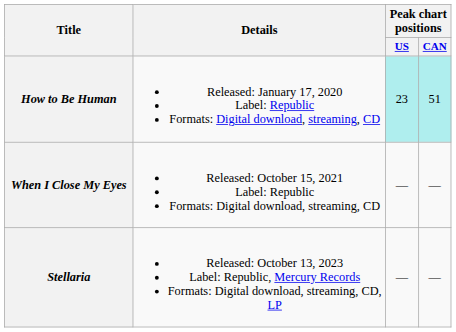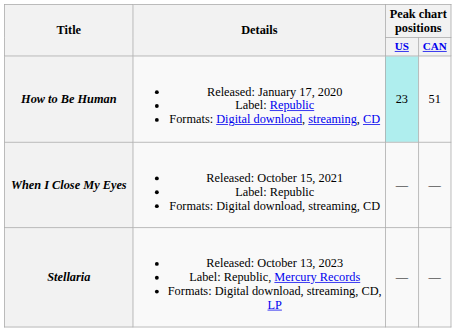 <table class="wikitable plainrowheaders" style="text-align:center">
 <tr>
 <th scope="col" rowspan="2" style="width:10em">Title</th>
 <th scope="col" rowspan="2" style="width:20em">Details</th>
 <th scope="col" colspan="2">Peak chart positions</th>
 </tr>
 <tr>
 <th scope="col" style="width:2.5em; font-size:90%;"><a href='#'>US</a><br></th>
 <th scope="col" style="width:2.5em; font-size:90%;"><a href='#'>CAN</a><br></th>
 </tr>
 <tr>
 <th scope="row"><em>How to Be Human</em></th>
 <td><br><ul><li>Released: January 17, 2020</li><li>Label: <a href='#'>Republic</a></li><li>Formats: <a href='#'>Digital download</a>, <a href='#'>streaming</a>, <a href='#'>CD</a></li></ul></td>
 <td style="background: paleturquoise;">23</td>
-<td style="background: paleturquoise;">51</td>
+<td>51</td>
 </tr>
 <tr>
 <th scope="row"><em>When I Close My Eyes</em></th>
 <td><br><ul><li>Released: October 15, 2021</li><li>Label: Republic</li><li>Formats: Digital download, streaming, CD</li></ul></td>
 <td>—</td>
 <td>—</td>
 </tr>
 <tr>
 <th scope="row"><em>Stellaria</em></th>
 <td><br><ul><li>Released: October 13, 2023</li><li>Label: Republic, <a href='#'>Mercury Records</a></li><li>Formats: Digital download, streaming, CD, <a href='#'>LP</a></li></ul></td>
 <td>—</td>
 <td>—</td>
 </tr>
 </table>
